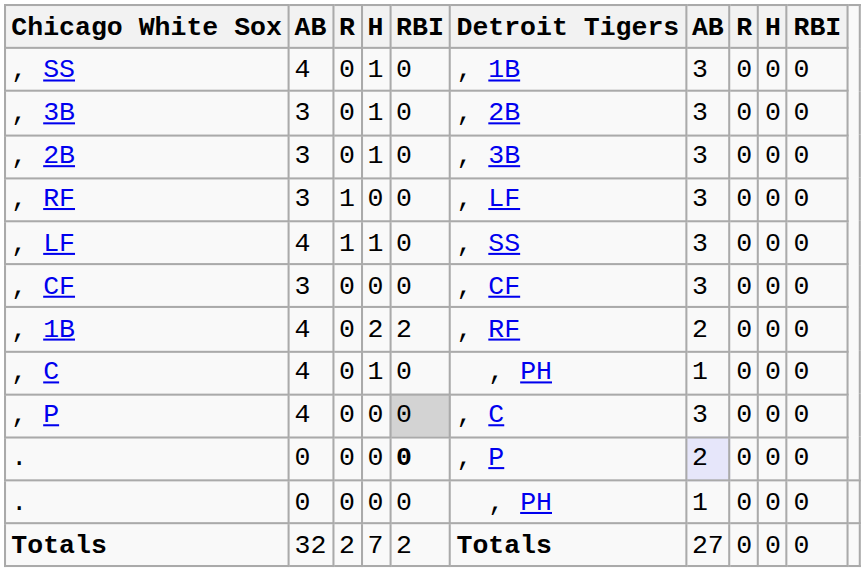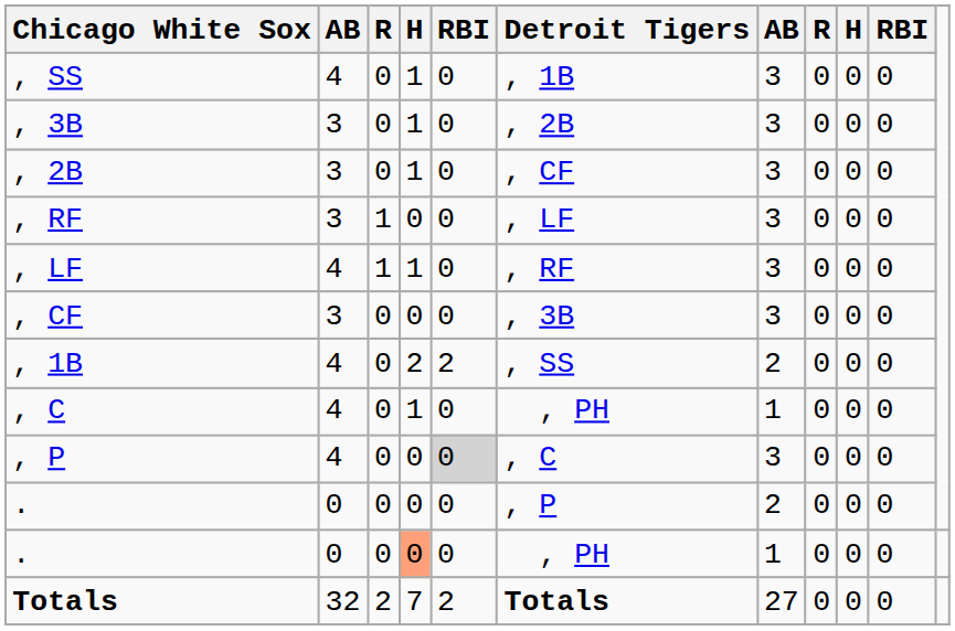 <table class="wikitable sortable">
 <tr>
 <th>Chicago White Sox</th>
 <th>AB</th>
 <th>R</th>
 <th>H</th>
 <th>RBI</th>
 <th>Detroit Tigers</th>
 <th>AB</th>
 <th>R</th>
 <th>H</th>
 <th>RBI</th>
 </tr>
 <tr>
 <td>, <a href='#'>SS</a></td>
 <td>4</td>
 <td>0</td>
 <td>1</td>
 <td>0</td>
 <td>, <a href='#'>1B</a></td>
 <td>3</td>
 <td>0</td>
 <td>0</td>
 <td>0</td>
 </tr>
 <tr>
 <td>, <a href='#'>3B</a></td>
 <td>3</td>
 <td>0</td>
 <td>1</td>
 <td>0</td>
 <td>, <a href='#'>2B</a></td>
 <td>3</td>
 <td>0</td>
 <td>0</td>
 <td>0</td>
 </tr>
 <tr>
 <td>, <a href='#'>2B</a></td>
 <td>3</td>
 <td>0</td>
 <td>1</td>
 <td>0</td>
-<td>, <a href='#'>3B</a></td>
+<td>, <a href='#'>CF</a></td>
 <td>3</td>
 <td>0</td>
 <td>0</td>
 <td>0</td>
 </tr>
 <tr>
 <td>, <a href='#'>RF</a></td>
 <td>3</td>
 <td>1</td>
 <td>0</td>
 <td>0</td>
 <td>, <a href='#'>LF</a></td>
 <td>3</td>
 <td>0</td>
 <td>0</td>
 <td>0</td>
 </tr>
 <tr>
 <td>, <a href='#'>LF</a></td>
 <td>4</td>
 <td>1</td>
 <td>1</td>
 <td>0</td>
-<td>, <a href='#'>SS</a></td>
+<td>, <a href='#'>RF</a></td>
 <td>3</td>
 <td>0</td>
 <td>0</td>
 <td>0</td>
 </tr>
 <tr>
 <td>, <a href='#'>CF</a></td>
 <td>3</td>
 <td>0</td>
 <td>0</td>
 <td>0</td>
-<td>, <a href='#'>CF</a></td>
+<td>, <a href='#'>3B</a></td>
 <td>3</td>
 <td>0</td>
 <td>0</td>
 <td>0</td>
 </tr>
 <tr>
 <td>, <a href='#'>1B</a></td>
 <td>4</td>
 <td>0</td>
 <td>2</td>
 <td>2</td>
-<td>, <a href='#'>RF</a></td>
+<td>, <a href='#'>SS</a></td>
 <td>2</td>
 <td>0</td>
 <td>0</td>
 <td>0</td>
 </tr>
 <tr>
 <td>, <a href='#'>C</a></td>
 <td>4</td>
 <td>0</td>
 <td>1</td>
 <td>0</td>
 <td>  , <a href='#'>PH</a></td>
 <td>1</td>
 <td>0</td>
 <td>0</td>
 <td>0</td>
 </tr>
 <tr>
 <td>, <a href='#'>P</a></td>
 <td>4</td>
 <td>0</td>
 <td>0</td>
 <td style="background: lightgrey;">0</td>
 <td>, <a href='#'>C</a></td>
 <td>3</td>
 <td>0</td>
 <td>0</td>
 <td>0</td>
 </tr>
 <tr>
 <td>.</td>
 <td>0</td>
 <td>0</td>
 <td>0</td>
-<td><strong>0</strong></td>
+<td>0</td>
 <td>, <a href='#'>P</a></td>
-<td style="background: lavender;">2</td>
+<td>2</td>
 <td>0</td>
 <td>0</td>
 <td>0</td>
 </tr>
 <tr>
 <td>.</td>
 <td>0</td>
 <td>0</td>
-<td>0</td>
+<td style="background: lightsalmon;">0</td>
 <td>0</td>
 <td>  , <a href='#'>PH</a></td>
 <td>1</td>
 <td>0</td>
 <td>0</td>
 <td>0</td>
 <td colspan="5"></td>
 </tr>
 <tr class="sortbottom">
 <td><strong>Totals</strong></td>
 <td>32</td>
 <td>2</td>
 <td>7</td>
 <td>2</td>
 <td><strong>Totals</strong></td>
 <td>27</td>
 <td>0</td>
 <td>0</td>
 <td>0</td>
 </tr>
 </table>
